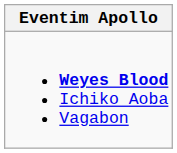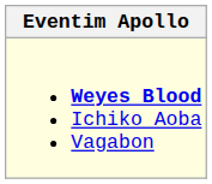 <table class="wikitable plainrowheaders">
 <tr>
 <th>Eventim Apollo</th>
 </tr>
 <tr>
-<td valign="top"><br><ul><li><strong><a href='#'>Weyes Blood</a></strong></li><li><a href='#'>Ichiko Aoba</a></li><li><a href='#'>Vagabon</a></li></ul></td>
+<td valign="top" style="background: lightyellow;"><br><ul><li><strong><a href='#'>Weyes Blood</a></strong></li><li><a href='#'>Ichiko Aoba</a></li><li><a href='#'>Vagabon</a></li></ul></td>
 </tr>
 </table>
